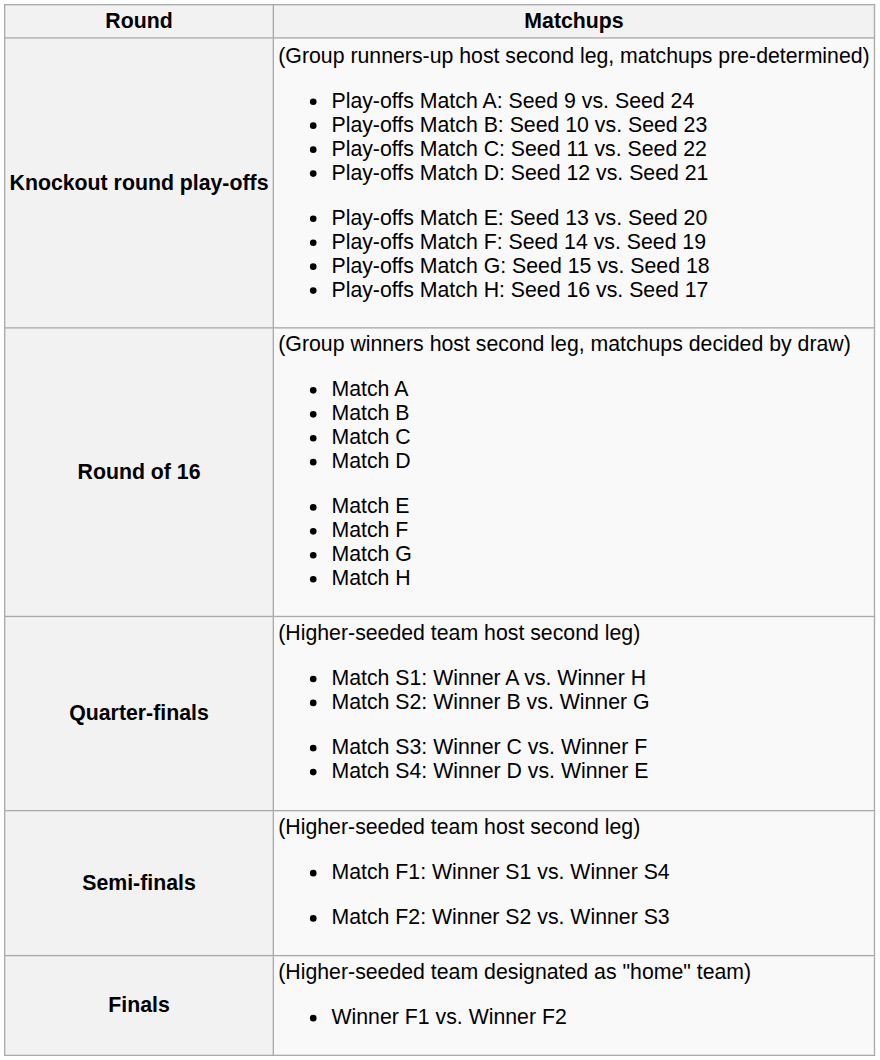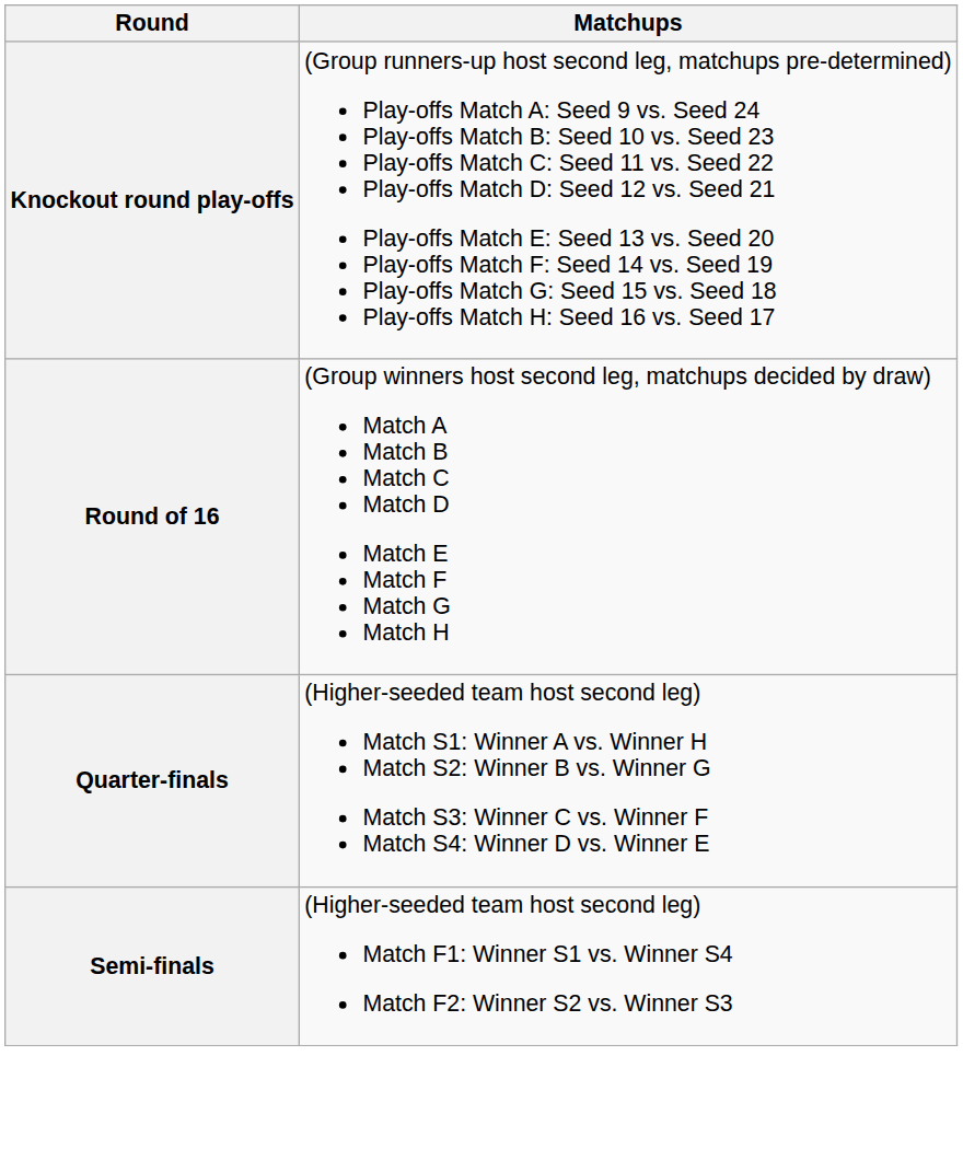 <table class=wikitable>
 <tr>
 <th>Round</th>
 <th>Matchups</th>
 </tr>
 <tr>
 <th>Knockout round play-offs</th>
 <td>(Group runners-up host second leg, matchups pre-determined)<br> <ul><li>Play-offs Match A: Seed 9 vs. Seed 24</li><li>Play-offs Match B: Seed 10 vs. Seed 23</li><li>Play-offs Match C: Seed 11 vs. Seed 22</li><li>Play-offs Match D: Seed 12 vs. Seed 21</li></ul><ul><li>Play-offs Match E: Seed 13 vs. Seed 20</li><li>Play-offs Match F: Seed 14 vs. Seed 19</li><li>Play-offs Match G: Seed 15 vs. Seed 18</li><li>Play-offs Match H: Seed 16 vs. Seed 17</li></ul></td>
 </tr>
 <tr>
 <th>Round of 16</th>
 <td>(Group winners host second leg, matchups decided by draw)<br> <ul><li>Match A</li><li>Match B</li><li>Match C</li><li>Match D</li></ul><ul><li>Match E</li><li>Match F</li><li>Match G</li><li>Match H</li></ul></td>
 </tr>
 <tr>
 <th>Quarter-finals</th>
 <td>(Higher-seeded team host second leg)<br> <ul><li>Match S1: Winner A vs. Winner H</li><li>Match S2: Winner B vs. Winner G</li></ul><ul><li>Match S3: Winner C vs. Winner F</li><li>Match S4: Winner D vs. Winner E</li></ul></td>
 </tr>
 <tr>
 <th>Semi-finals</th>
 <td>(Higher-seeded team host second leg)<br> <ul><li>Match F1: Winner S1 vs. Winner S4</li></ul><ul><li>Match F2: Winner S2 vs. Winner S3</li></ul></td>
 </tr>
-<tr>
-<th>Finals</th>
-<td>(Higher-seeded team designated as "home" team)<br><ul><li>Winner F1 vs. Winner F2</li></ul></td>
-</tr>
 </table>
